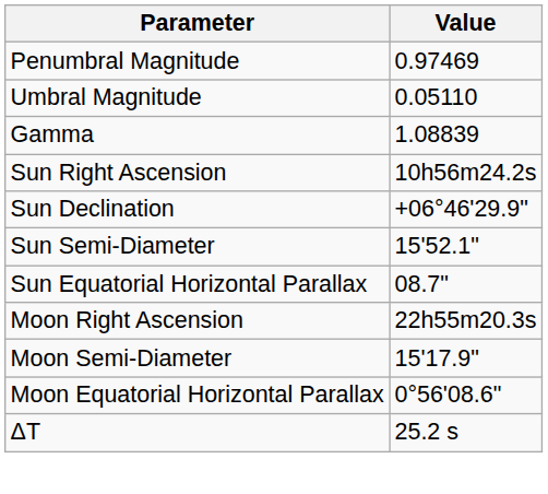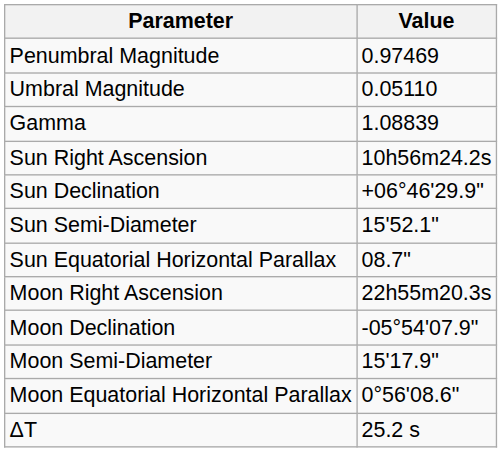 <table class="wikitable">
 <tr>
 <th>Parameter</th>
 <th>Value</th>
 </tr>
 <tr>
 <td>Penumbral Magnitude</td>
 <td>0.97469</td>
 </tr>
 <tr>
 <td>Umbral Magnitude</td>
 <td>0.05110</td>
 </tr>
 <tr>
 <td>Gamma</td>
 <td>1.08839</td>
 </tr>
 <tr>
 <td>Sun Right Ascension</td>
 <td>10h56m24.2s</td>
 </tr>
 <tr>
 <td>Sun Declination</td>
 <td>+06°46'29.9"</td>
 </tr>
 <tr>
 <td>Sun Semi-Diameter</td>
 <td>15'52.1"</td>
 </tr>
 <tr>
 <td>Sun Equatorial Horizontal Parallax</td>
 <td>08.7"</td>
 </tr>
 <tr>
 <td>Moon Right Ascension</td>
 <td>22h55m20.3s</td>
 </tr>
 <tr>
+<td>Moon Declination</td>
+<td>-05°54'07.9"</td>
+</tr>
+<tr>
 <td>Moon Semi-Diameter</td>
 <td>15'17.9"</td>
 </tr>
 <tr>
 <td>Moon Equatorial Horizontal Parallax</td>
 <td>0°56'08.6"</td>
 </tr>
 <tr>
 <td>ΔT</td>
 <td>25.2 s</td>
 </tr>
 </table>
